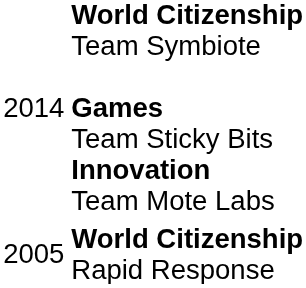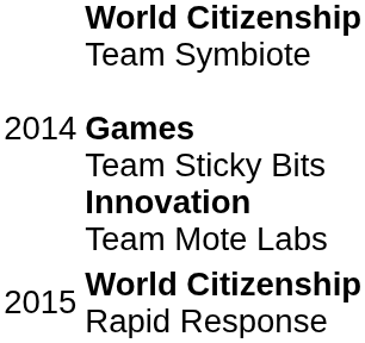 <table>
 <tr>
 <td>2014 </td>
 <td><strong>World Citizenship</strong> <br>  Team Symbiote<br><br><strong>Games</strong>  <br>  Team Sticky Bits <br> <strong>Innovation</strong>  <br>  Team Mote Labs <br></td>
 <td></td>
 <td></td>
 </tr>
 <tr>
-<td>2005 </td>
+<td>2015 </td>
 <td><strong>World Citizenship</strong> <br>  Rapid Response<br></td>
 <td></td>
 <td></td>
 </tr>
 </table>
